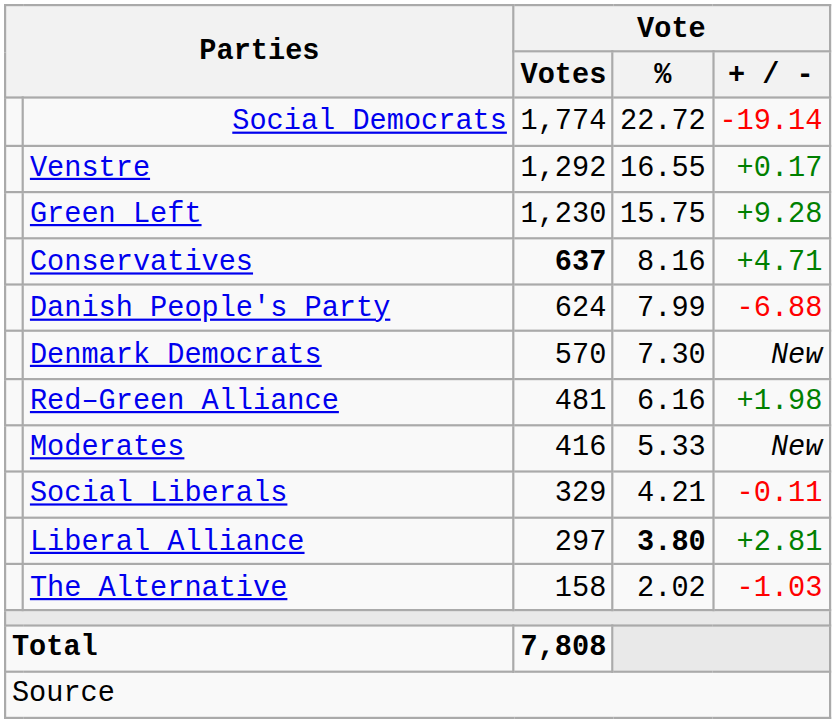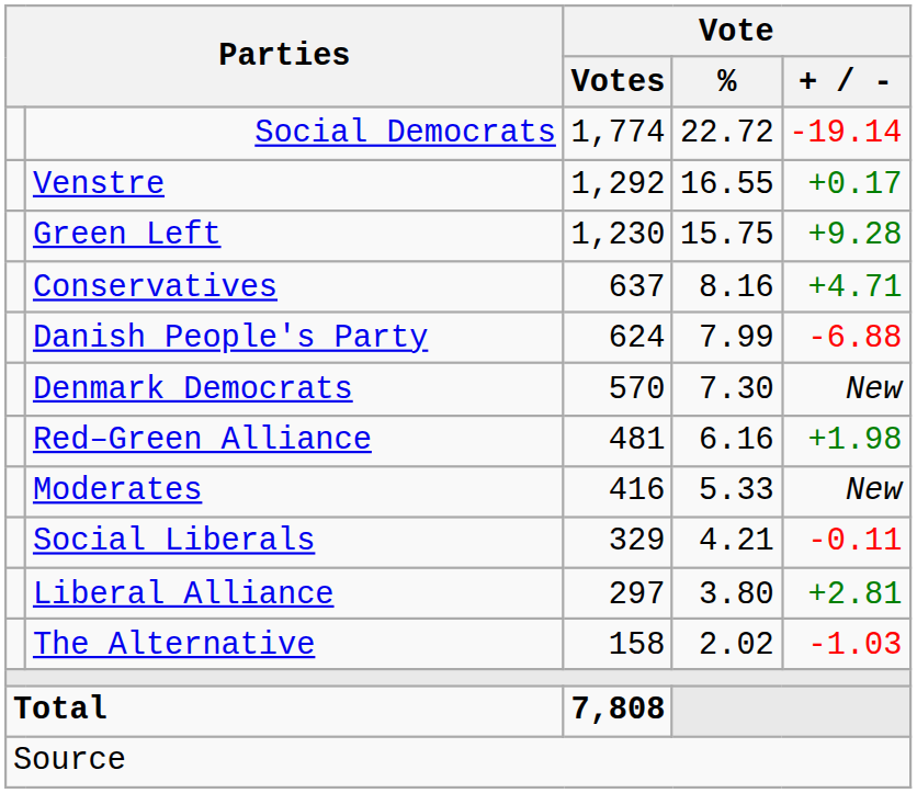 <table class="wikitable" style="text-align:right;">
 <tr>
 <th style="text-align:centre;" rowspan="2" colspan="2" width="225">Parties</th>
 <th colspan="3">Vote</th>
 </tr>
 <tr>
 <th width="15">Votes</th>
 <th width="15">%</th>
 <th width="15">+ / -</th>
 </tr>
 <tr>
 <td width=2 bgcolor=></td>
 <td><a href='#'>Social Democrats</a></td>
 <td>1,774</td>
 <td>22.72</td>
 <td style=color:red;>-19.14</td>
 </tr>
 <tr>
 <td width=2 bgcolor=></td>
 <td align=left><a href='#'>Venstre</a></td>
 <td>1,292</td>
 <td>16.55</td>
 <td style=color:green;>+0.17</td>
 </tr>
 <tr>
 <td width=2 bgcolor=></td>
 <td align=left><a href='#'>Green Left</a></td>
 <td>1,230</td>
 <td>15.75</td>
 <td style=color:green;>+9.28</td>
 </tr>
 <tr>
 <td width=2 bgcolor=></td>
 <td align=left><a href='#'>Conservatives</a></td>
-<td><strong>637</strong></td>
+<td>637</td>
 <td>8.16</td>
 <td style=color:green;>+4.71</td>
 </tr>
 <tr>
 <td width=2 bgcolor=></td>
 <td align=left><a href='#'>Danish People's Party</a></td>
 <td>624</td>
 <td>7.99</td>
 <td style=color:red;>-6.88</td>
 </tr>
 <tr>
 <td width=2 bgcolor=></td>
 <td align=left><a href='#'>Denmark Democrats</a></td>
 <td>570</td>
 <td>7.30</td>
 <td><em>New</em></td>
 </tr>
 <tr>
 <td width=2 bgcolor=></td>
 <td align=left><a href='#'>Red–Green Alliance</a></td>
 <td>481</td>
 <td>6.16</td>
 <td style=color:green;>+1.98</td>
 </tr>
 <tr>
 <td width=2 bgcolor=></td>
 <td align=left><a href='#'>Moderates</a></td>
 <td>416</td>
 <td>5.33</td>
 <td><em>New</em></td>
 </tr>
 <tr>
 <td width=2 bgcolor=></td>
 <td align=left><a href='#'>Social Liberals</a></td>
 <td>329</td>
 <td>4.21</td>
 <td style=color:red;>-0.11</td>
 </tr>
 <tr>
 <td width=2 bgcolor=></td>
 <td align=left><a href='#'>Liberal Alliance</a></td>
 <td>297</td>
-<td><strong>3.80</strong></td>
+<td>3.80</td>
 <td style=color:green;>+2.81</td>
 </tr>
 <tr>
 <td width=2 bgcolor=></td>
 <td align=left><a href='#'>The Alternative</a></td>
 <td>158</td>
 <td>2.02</td>
 <td style=color:red;>-1.03</td>
 </tr>
 <tr>
 <td colspan="7" bgcolor="#E9E9E9"></td>
 </tr>
 <tr>
 <td align="left" colspan="2"><strong>Total</strong></td>
 <td><strong>7,808</strong></td>
 <td bgcolor=#E9E9E9 colspan=2></td>
 </tr>
 <tr>
 <td align="left" colspan="6">Source</td>
 </tr>
 </table>
